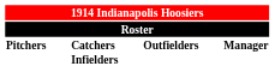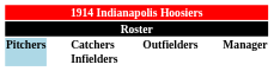 <table class="toccolours" style="font-size: 95%;">
 <tr>
 <th colspan="10" style="background-color: red; color: white; text-align: center;">1914 Indianapolis Hoosiers</th>
 </tr>
 <tr>
 <td colspan="10" style="background-color: black; color: white; text-align: center;"><strong>Roster</strong></td>
 </tr>
 <tr>
-<td valign="top"><strong>Pitchers</strong><br>           </td>
+<td valign="top" style="background: lightblue;"><strong>Pitchers</strong><br>           </td>
 <td width="25px"></td>
 <td valign="top"><strong>Catchers</strong><br>   <strong>Infielders</strong>       </td>
 <td width="25px"></td>
 <td valign="top"><strong>Outfielders</strong><br>     </td>
 <td width="25px"></td>
 <td valign="top"><strong>Manager</strong><br></td>
 </tr>
 </table>
